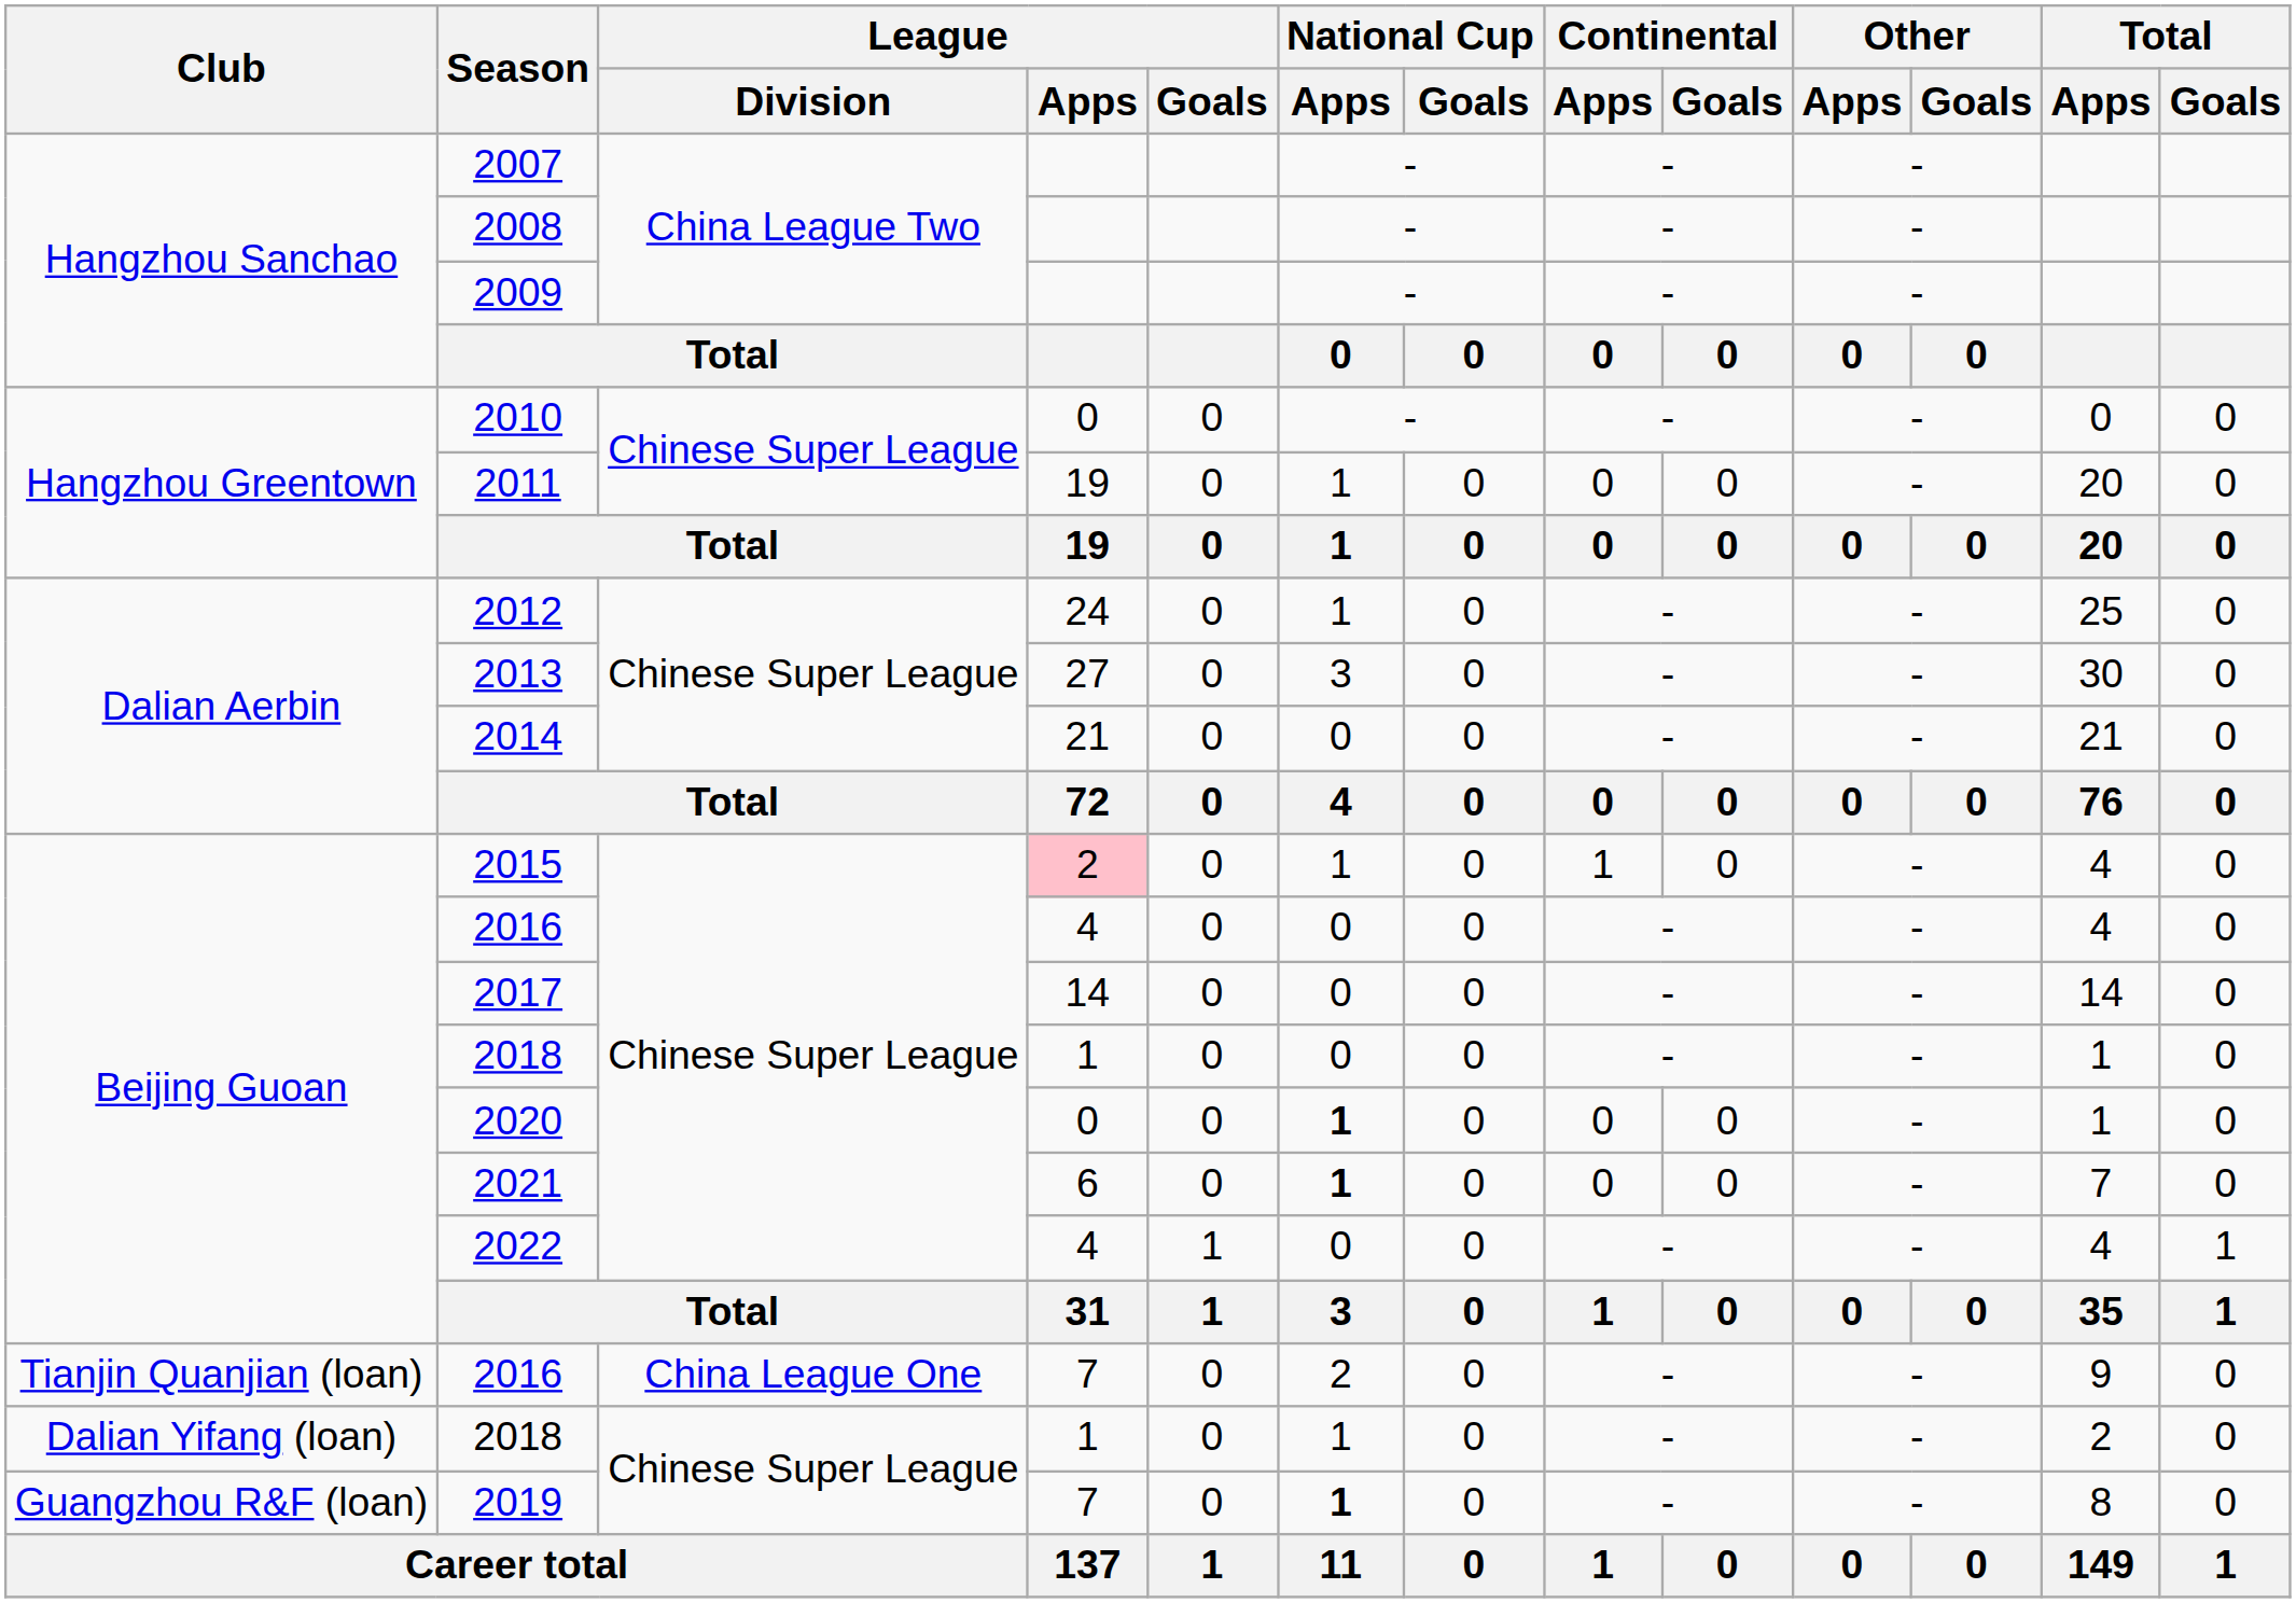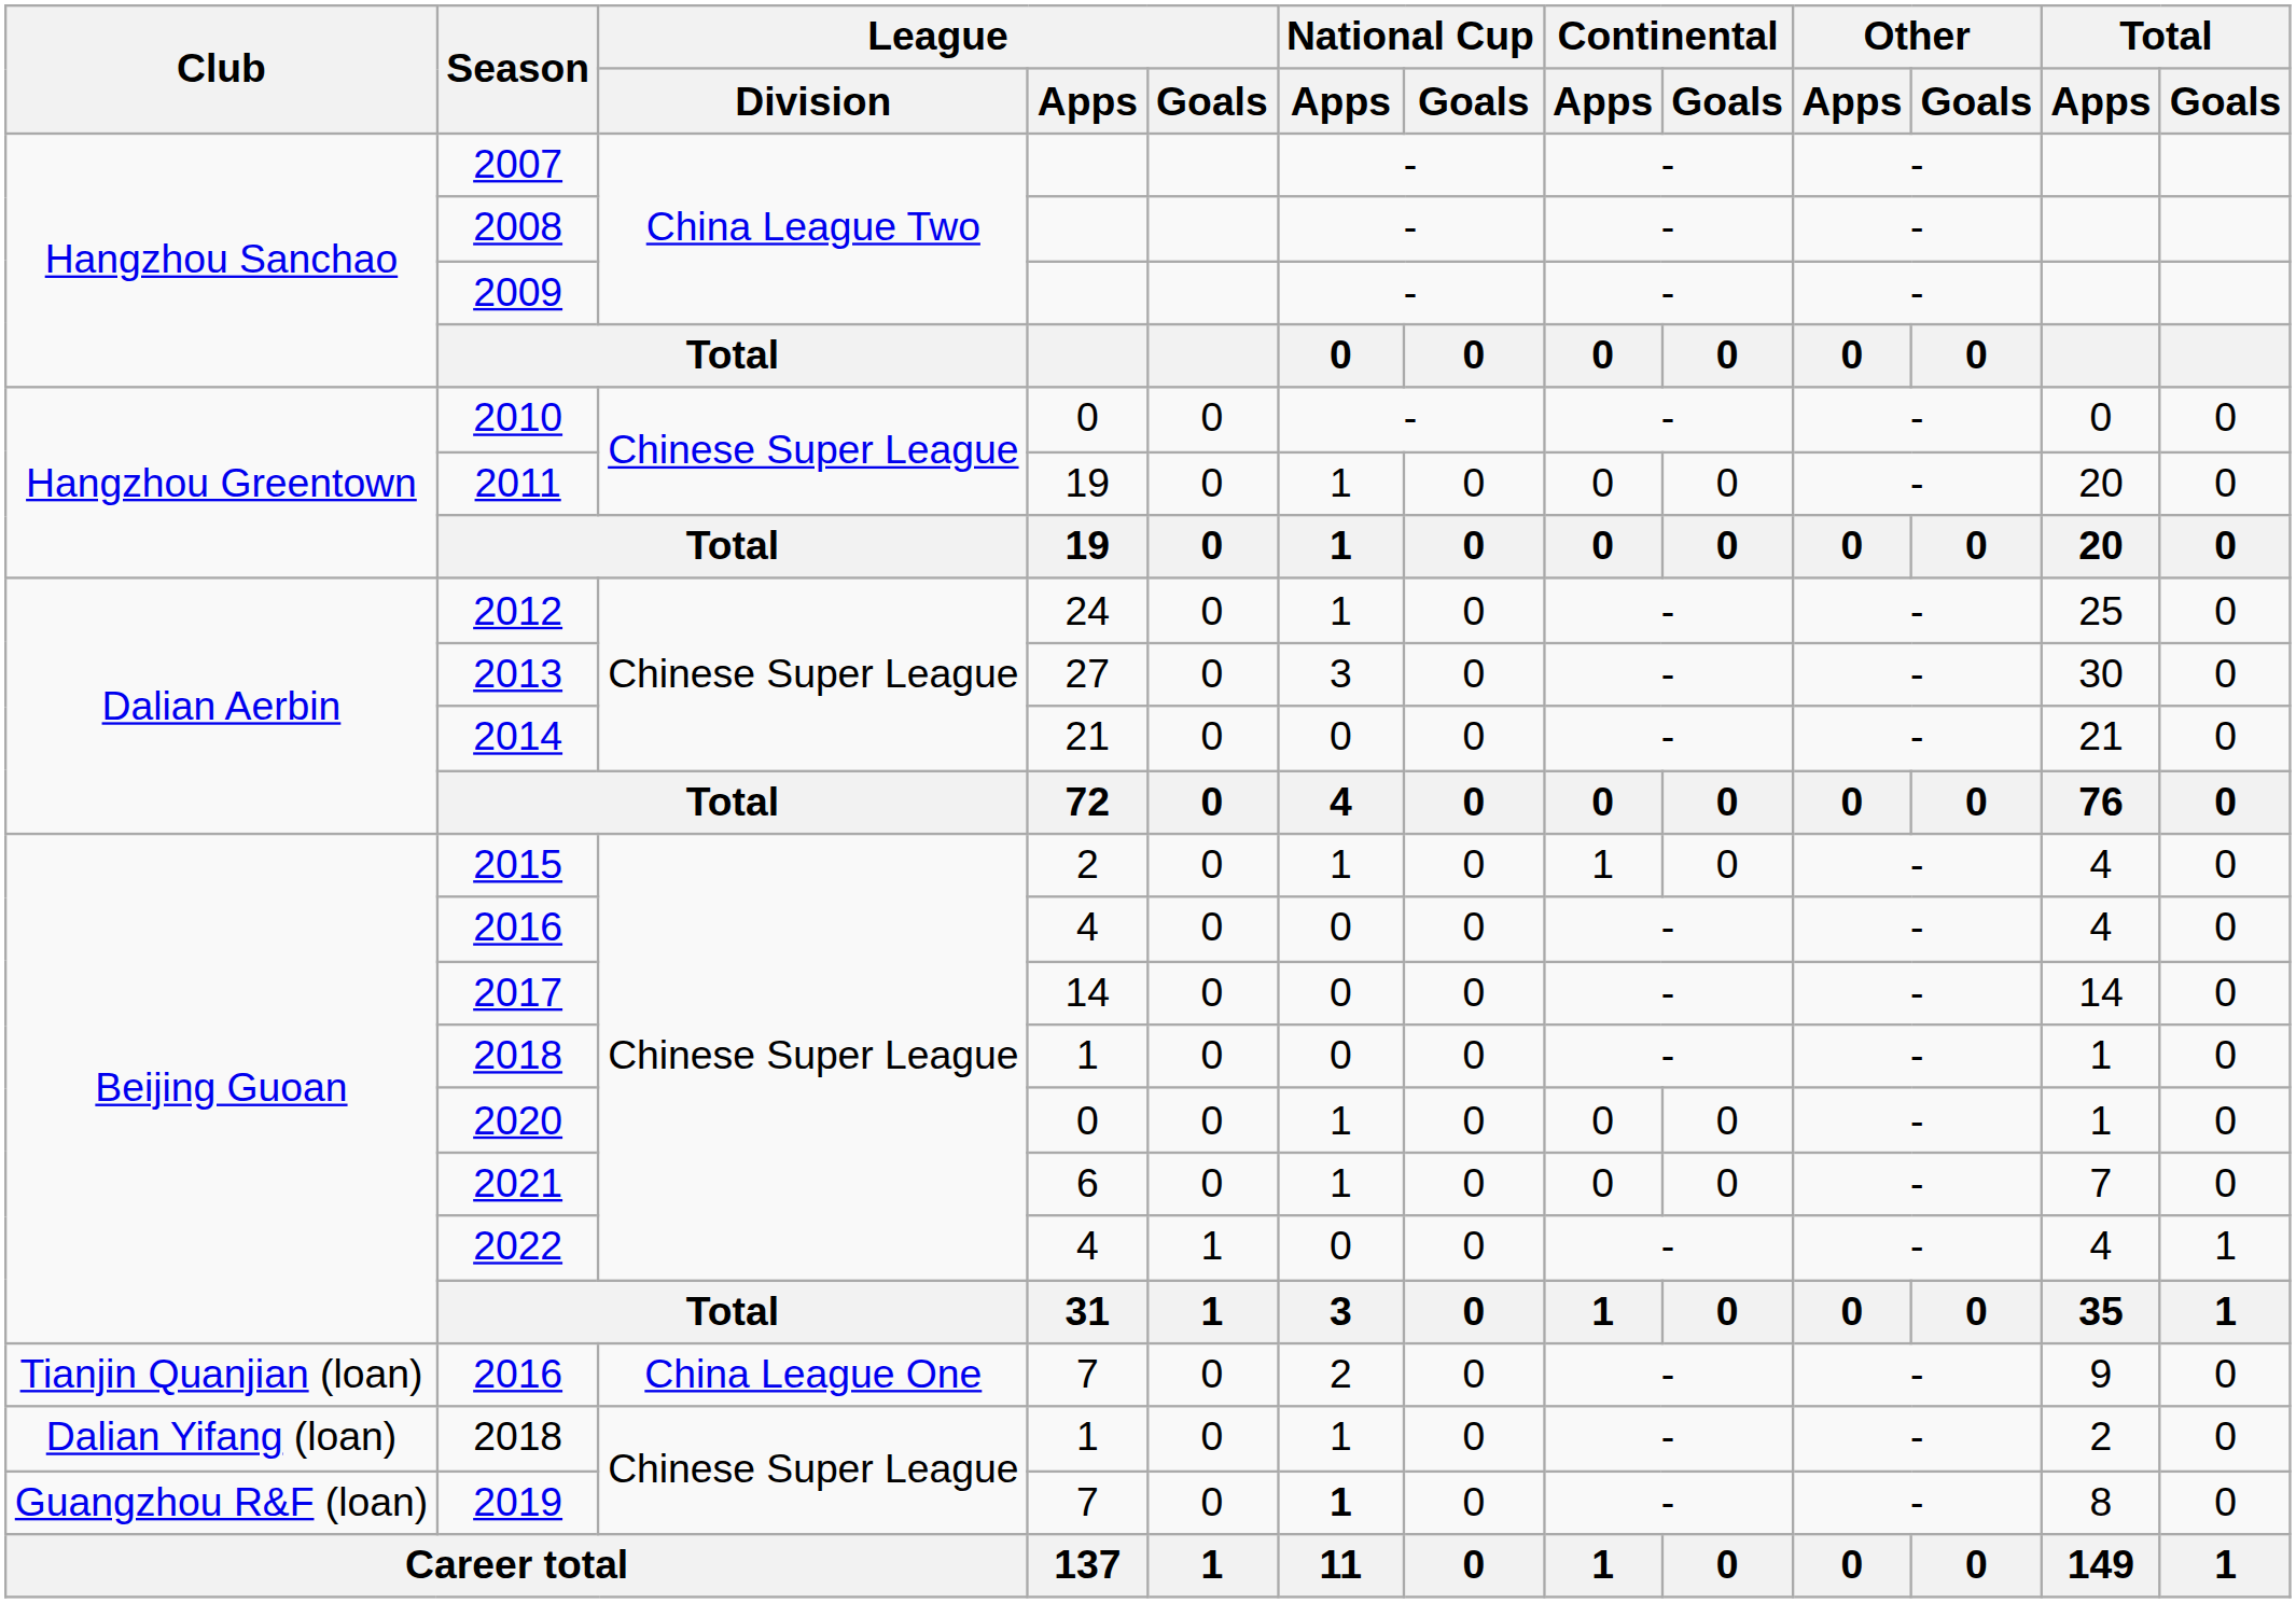 <table class="wikitable" style="text-align: center">
 <tr>
 <th rowspan="2">Club</th>
 <th rowspan="2">Season</th>
 <th colspan="3">League</th>
 <th colspan="2">National Cup</th>
 <th colspan="2">Continental</th>
 <th colspan="2">Other</th>
 <th colspan="2">Total</th>
 </tr>
 <tr>
 <th>Division</th>
 <th>Apps</th>
 <th>Goals</th>
 <th>Apps</th>
 <th>Goals</th>
 <th>Apps</th>
 <th>Goals</th>
 <th>Apps</th>
 <th>Goals</th>
 <th>Apps</th>
 <th>Goals</th>
 </tr>
 <tr>
 <td rowspan="4"><a href='#'>Hangzhou Sanchao</a></td>
 <td><a href='#'>2007</a></td>
 <td rowspan="3"><a href='#'>China League Two</a></td>
 <td></td>
 <td></td>
 <td colspan="2">-</td>
 <td colspan="2">-</td>
 <td colspan="2">-</td>
 <td></td>
 <td></td>
 </tr>
 <tr>
 <td><a href='#'>2008</a></td>
 <td></td>
 <td></td>
 <td colspan="2">-</td>
 <td colspan="2">-</td>
 <td colspan="2">-</td>
 <td></td>
 <td></td>
 </tr>
 <tr>
 <td><a href='#'>2009</a></td>
 <td></td>
 <td></td>
 <td colspan="2">-</td>
 <td colspan="2">-</td>
 <td colspan="2">-</td>
 <td></td>
 <td></td>
 </tr>
 <tr>
 <th colspan="2"><strong>Total</strong></th>
 <th></th>
 <th></th>
 <th>0</th>
 <th>0</th>
 <th>0</th>
 <th>0</th>
 <th>0</th>
 <th>0</th>
 <th></th>
 <th></th>
 </tr>
 <tr>
 <td rowspan="3"><a href='#'>Hangzhou Greentown</a></td>
 <td><a href='#'>2010</a></td>
 <td rowspan="2"><a href='#'>Chinese Super League</a></td>
 <td>0</td>
 <td>0</td>
 <td colspan="2">-</td>
 <td colspan="2">-</td>
 <td colspan="2">-</td>
 <td>0</td>
 <td>0</td>
 </tr>
 <tr>
 <td><a href='#'>2011</a></td>
 <td>19</td>
 <td>0</td>
 <td>1</td>
 <td>0</td>
 <td>0</td>
 <td>0</td>
 <td colspan="2">-</td>
 <td>20</td>
 <td>0</td>
 </tr>
 <tr>
 <th colspan="2"><strong>Total</strong></th>
 <th>19</th>
 <th>0</th>
 <th>1</th>
 <th>0</th>
 <th>0</th>
 <th>0</th>
 <th>0</th>
 <th>0</th>
 <th>20</th>
 <th>0</th>
 </tr>
 <tr>
 <td rowspan="4"><a href='#'>Dalian Aerbin</a></td>
 <td><a href='#'>2012</a></td>
 <td rowspan="3">Chinese Super League</td>
 <td>24</td>
 <td>0</td>
 <td>1</td>
 <td>0</td>
 <td colspan="2">-</td>
 <td colspan="2">-</td>
 <td>25</td>
 <td>0</td>
 </tr>
 <tr>
 <td><a href='#'>2013</a></td>
 <td>27</td>
 <td>0</td>
 <td>3</td>
 <td>0</td>
 <td colspan="2">-</td>
 <td colspan="2">-</td>
 <td>30</td>
 <td>0</td>
 </tr>
 <tr>
 <td><a href='#'>2014</a></td>
 <td>21</td>
 <td>0</td>
 <td>0</td>
 <td>0</td>
 <td colspan="2">-</td>
 <td colspan="2">-</td>
 <td>21</td>
 <td>0</td>
 </tr>
 <tr>
 <th colspan="2"><strong>Total</strong></th>
 <th>72</th>
 <th>0</th>
 <th>4</th>
 <th>0</th>
 <th>0</th>
 <th>0</th>
 <th>0</th>
 <th>0</th>
 <th>76</th>
 <th>0</th>
 </tr>
 <tr>
 <td rowspan=8><a href='#'>Beijing Guoan</a></td>
 <td><a href='#'>2015</a></td>
 <td rowspan=7>Chinese Super League</td>
-<td style="background: pink;">2</td>
+<td>2</td>
 <td>0</td>
 <td>1</td>
 <td>0</td>
 <td>1</td>
 <td>0</td>
 <td colspan="2">-</td>
 <td>4</td>
 <td>0</td>
 </tr>
 <tr>
 <td><a href='#'>2016</a></td>
 <td>4</td>
 <td>0</td>
 <td>0</td>
 <td>0</td>
 <td colspan="2">-</td>
 <td colspan="2">-</td>
 <td>4</td>
 <td>0</td>
 </tr>
 <tr>
 <td><a href='#'>2017</a></td>
 <td>14</td>
 <td>0</td>
 <td>0</td>
 <td>0</td>
 <td colspan="2">-</td>
 <td colspan="2">-</td>
 <td>14</td>
 <td>0</td>
 </tr>
 <tr>
 <td><a href='#'>2018</a></td>
 <td>1</td>
 <td>0</td>
 <td>0</td>
 <td>0</td>
 <td colspan="2">-</td>
 <td colspan="2">-</td>
 <td>1</td>
 <td>0</td>
 </tr>
 <tr>
 <td><a href='#'>2020</a></td>
 <td>0</td>
 <td>0</td>
-<td><strong>1</strong></td>
+<td>1</td>
 <td>0</td>
 <td>0</td>
 <td>0</td>
 <td colspan="2">-</td>
 <td>1</td>
 <td>0</td>
 </tr>
 <tr>
 <td><a href='#'>2021</a></td>
 <td>6</td>
 <td>0</td>
-<td><strong>1</strong></td>
+<td>1</td>
 <td>0</td>
 <td>0</td>
 <td>0</td>
 <td colspan="2">-</td>
 <td>7</td>
 <td>0</td>
 </tr>
 <tr>
 <td><a href='#'>2022</a></td>
 <td>4</td>
 <td>1</td>
 <td>0</td>
 <td>0</td>
 <td colspan="2">-</td>
 <td colspan="2">-</td>
 <td>4</td>
 <td>1</td>
 </tr>
 <tr>
 <th colspan="2"><strong>Total</strong></th>
 <th>31</th>
 <th>1</th>
 <th>3</th>
 <th>0</th>
 <th>1</th>
 <th>0</th>
 <th>0</th>
 <th>0</th>
 <th>35</th>
 <th>1</th>
 </tr>
 <tr>
 <td><a href='#'>Tianjin Quanjian</a> (loan)</td>
 <td><a href='#'>2016</a></td>
 <td><a href='#'>China League One</a></td>
 <td>7</td>
 <td>0</td>
 <td>2</td>
 <td>0</td>
 <td colspan="2">-</td>
 <td colspan="2">-</td>
 <td>9</td>
 <td>0</td>
 </tr>
 <tr>
 <td><a href='#'>Dalian Yifang</a> (loan)</td>
 <td>2018</td>
 <td rowspan="2">Chinese Super League</td>
 <td>1</td>
 <td>0</td>
 <td>1</td>
 <td>0</td>
 <td colspan="2">-</td>
 <td colspan="2">-</td>
 <td>2</td>
 <td>0</td>
 </tr>
 <tr>
 <td><a href='#'>Guangzhou R&F</a> (loan)</td>
 <td><a href='#'>2019</a></td>
 <td>7</td>
 <td>0</td>
 <td><strong>1</strong></td>
 <td>0</td>
 <td colspan="2">-</td>
 <td colspan="2">-</td>
 <td>8</td>
 <td>0</td>
 </tr>
 <tr>
 <th colspan=3>Career total</th>
 <th>137</th>
 <th>1</th>
 <th>11</th>
 <th>0</th>
 <th>1</th>
 <th>0</th>
 <th>0</th>
 <th>0</th>
 <th>149</th>
 <th>1</th>
 </tr>
 </table>
